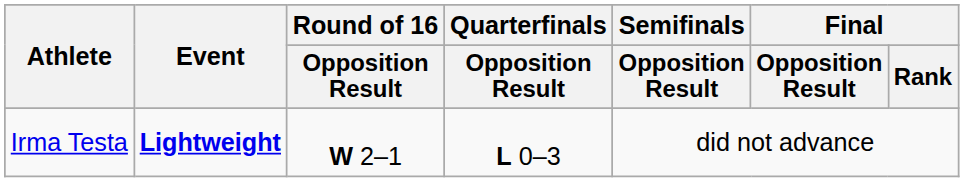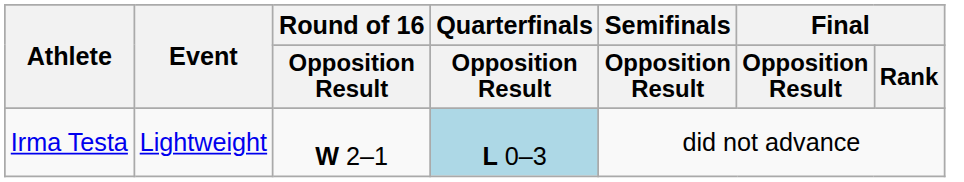 <table class="wikitable" style="font-size:90%">
 <tr>
 <th rowspan="2">Athlete</th>
 <th rowspan="2">Event</th>
 <th>Round of 16</th>
 <th>Quarterfinals</th>
 <th>Semifinals</th>
 <th colspan=2>Final</th>
 </tr>
 <tr style="font-size:95%">
 <th>Opposition<br>Result</th>
 <th>Opposition<br>Result</th>
 <th>Opposition<br>Result</th>
 <th>Opposition<br>Result</th>
 <th>Rank</th>
 </tr>
 <tr align=center>
 <td align=left><a href='#'>Irma Testa</a></td>
-<td align=left><strong><a href='#'>Lightweight</a></strong></td>
+<td align=left><a href='#'>Lightweight</a></td>
 <td><br><strong>W</strong> 2–1</td>
-<td><br><strong>L</strong> 0–3</td>
+<td style="background: lightblue;"><br><strong>L</strong> 0–3</td>
 <td colspan=3>did not advance</td>
 </tr>
 </table>
